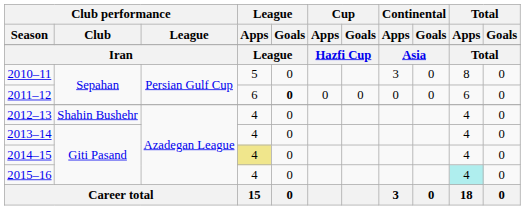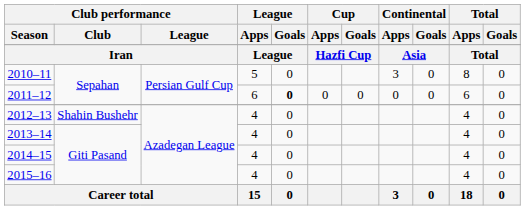 <table class="wikitable" style="text-align:center">
 <tr>
 <th colspan=3>Club performance</th>
 <th colspan=2>League</th>
 <th colspan=2>Cup</th>
 <th colspan=2>Continental</th>
 <th colspan=2>Total</th>
 </tr>
 <tr>
 <th>Season</th>
 <th>Club</th>
 <th>League</th>
 <th>Apps</th>
 <th>Goals</th>
 <th>Apps</th>
 <th>Goals</th>
 <th>Apps</th>
 <th>Goals</th>
 <th>Apps</th>
 <th>Goals</th>
 </tr>
 <tr>
 </tr>
 <tr>
 <th colspan=3>Iran</th>
 <th colspan=2>League</th>
 <th colspan=2><a href='#'>Hazfi Cup</a></th>
 <th colspan=2><a href='#'>Asia</a></th>
 <th colspan=2>Total</th>
 </tr>
 <tr>
 <td><a href='#'>2010–11</a></td>
 <td rowspan="2"><a href='#'>Sepahan</a></td>
 <td rowspan="2"><a href='#'>Persian Gulf Cup</a></td>
 <td>5</td>
 <td>0</td>
 <td></td>
 <td></td>
 <td>3</td>
 <td>0</td>
 <td>8</td>
 <td>0</td>
 </tr>
 <tr>
 <td><a href='#'>2011–12</a></td>
 <td>6</td>
 <td><strong>0</strong></td>
 <td>0</td>
 <td>0</td>
 <td>0</td>
 <td>0</td>
 <td>6</td>
 <td>0</td>
 </tr>
 <tr>
 </tr>
 <tr>
 <td><a href='#'>2012–13</a></td>
 <td rowspan="1"><a href='#'>Shahin Bushehr</a></td>
 <td rowspan="4"><a href='#'>Azadegan League</a></td>
 <td>4</td>
 <td>0</td>
 <td></td>
 <td></td>
 <td></td>
 <td></td>
 <td>4</td>
 <td>0</td>
 </tr>
 <tr>
 <td><a href='#'>2013–14</a></td>
 <td rowspan="3"><a href='#'>Giti Pasand</a></td>
 <td>4</td>
 <td>0</td>
 <td></td>
 <td></td>
 <td></td>
 <td></td>
 <td>4</td>
 <td>0</td>
 </tr>
 <tr>
 <td><a href='#'>2014–15</a></td>
-<td style="background: khaki;">4</td>
+<td>4</td>
 <td>0</td>
 <td></td>
 <td></td>
 <td></td>
 <td></td>
 <td>4</td>
 <td>0</td>
 </tr>
 <tr>
 <td><a href='#'>2015–16</a></td>
 <td>4</td>
 <td>0</td>
 <td></td>
 <td></td>
 <td></td>
 <td></td>
-<td style="background: paleturquoise;">4</td>
+<td>4</td>
 <td>0</td>
 </tr>
 <tr>
 <th colspan=3>Career total</th>
 <th>15</th>
 <th>0</th>
 <th></th>
 <th></th>
 <th>3</th>
 <th>0</th>
 <th>18</th>
 <th>0</th>
 </tr>
 </table>
